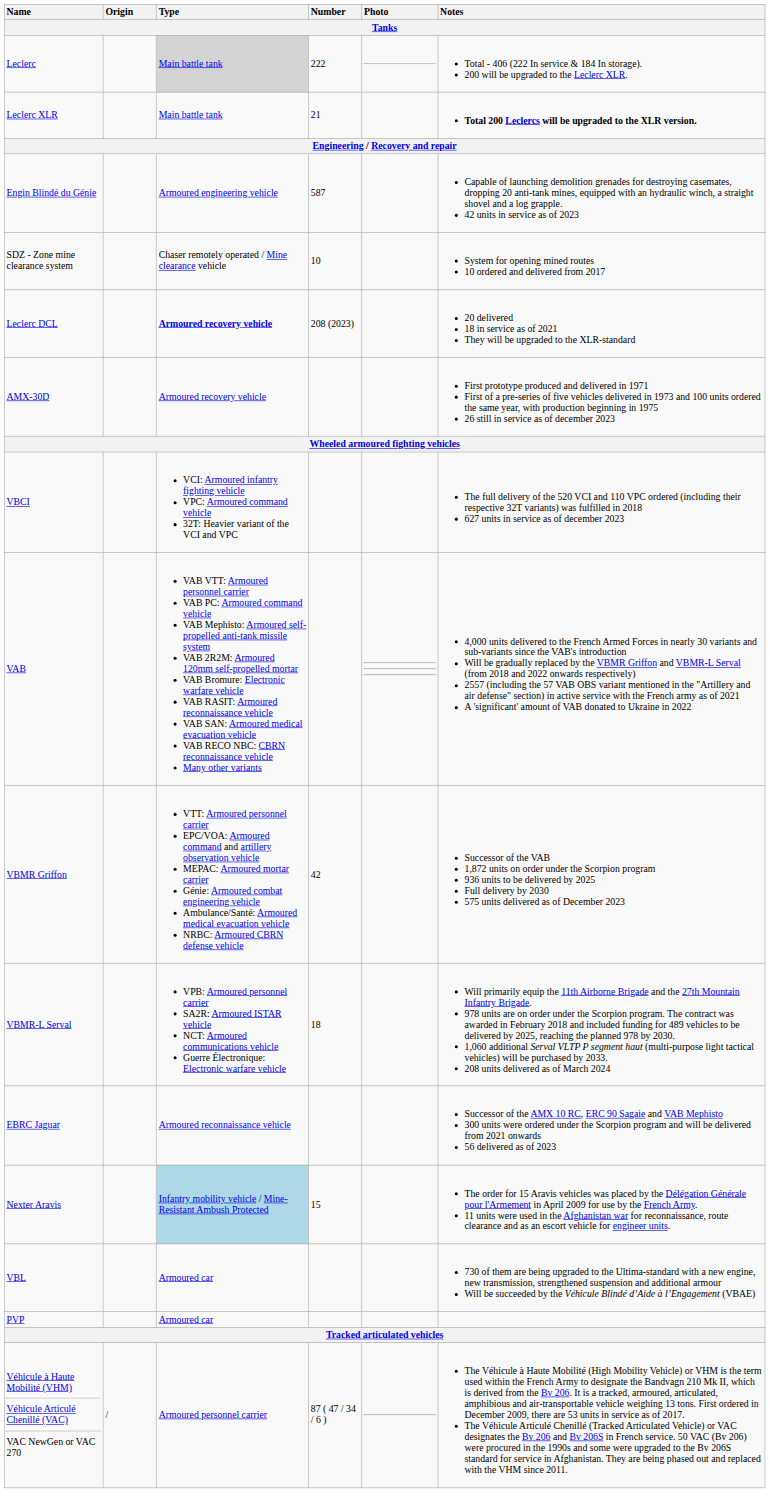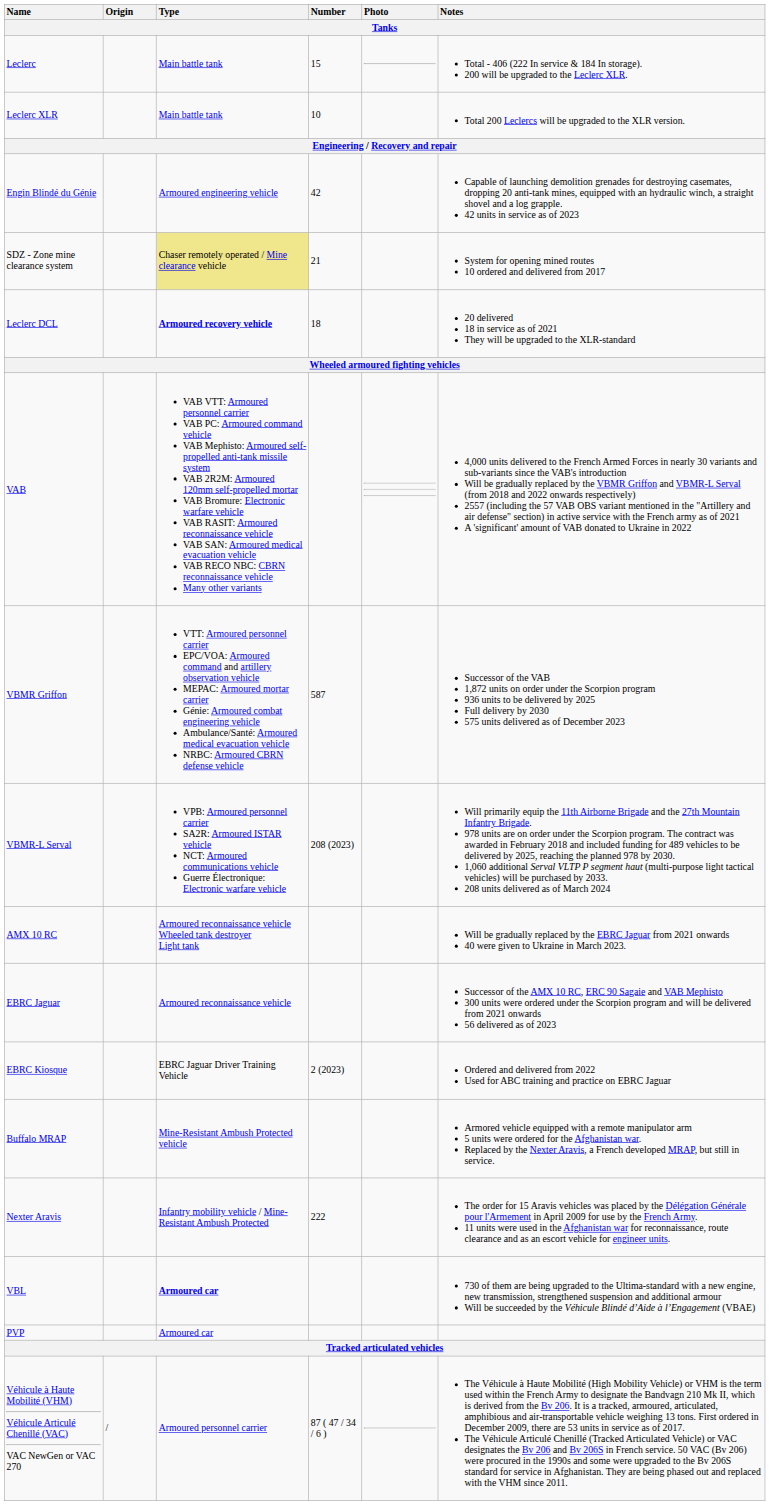 <table class="wikitable">
 <tr>
 <th style="text-align: left; width:13%;">Name</th>
 <th style="text-align: left; width:7%;">Origin</th>
 <th style="text-align: left; width:20%;">Type</th>
 <th style="text-align: left; width:7%;">Number</th>
 <th style="text-align: left; width:10%; ">Photo</th>
 <th style="text-align: left; width:43%;">Notes</th>
 </tr>
 <tr>
 <th colspan="6" style="align: center;"><a href='#'>Tanks</a></th>
 </tr>
 <tr>
 <td><a href='#'>Leclerc</a></td>
 <td></td>
-<td style="background: lightgrey;"><a href='#'>Main battle tank</a></td>
-<td>222</td>
+<td><a href='#'>Main battle tank</a></td>
+<td>15</td>
 <td><hr></td>
 <td><br><ul><li>Total - 406 (222 In service & 184 In storage).</li><li>200 will be upgraded to the <a href='#'>Leclerc XLR</a>.</li></ul></td>
 </tr>
 <tr>
 <td><a href='#'>Leclerc XLR</a></td>
 <td></td>
 <td><a href='#'>Main battle tank</a></td>
-<td>21</td>
+<td>10</td>
 <td></td>
-<td><strong><br><ul><li>Total 200 <a href='#'>Leclercs</a> will be upgraded to the XLR version.</li></ul></strong></td>
+<td><br><ul><li>Total 200 <a href='#'>Leclercs</a> will be upgraded to the XLR version.</li></ul></td>
 </tr>
 <tr>
 <th colspan="6" style="align: center;"><a href='#'>Engineering</a> / <a href='#'>Recovery and repair</a></th>
 </tr>
 <tr>
 <td><a href='#'>Engin Blindé du Génie</a></td>
 <td></td>
 <td><a href='#'>Armoured engineering vehicle</a></td>
-<td>587</td>
+<td>42</td>
 <td></td>
 <td><br><ul><li>Capable of launching demolition grenades for destroying casemates, dropping 20 anti-tank mines, equipped with an hydraulic winch, a straight shovel and a log grapple.</li><li>42 units in service as of 2023</li></ul></td>
 </tr>
 <tr>
 <td>SDZ - Zone mine clearance system</td>
 <td></td>
-<td>Chaser remotely operated / <a href='#'>Mine clearance</a> vehicle</td>
-<td>10</td>
+<td style="background: khaki;">Chaser remotely operated / <a href='#'>Mine clearance</a> vehicle</td>
+<td>21</td>
 <td></td>
 <td><br><ul><li>System for opening mined routes</li><li>10 ordered and delivered from 2017</li></ul></td>
 </tr>
 <tr>
 <td><a href='#'>Leclerc DCL</a></td>
 <td></td>
 <td><strong><a href='#'>Armoured recovery vehicle</a></strong></td>
-<td>208 (2023)</td>
+<td>18</td>
 <td></td>
 <td><br><ul><li>20 delivered</li><li>18 in service as of 2021</li><li>They will be upgraded to the XLR-standard</li></ul></td>
 </tr>
 <tr>
-<td><a href='#'>AMX-30D</a></td>
-<td></td>
-<td><a href='#'>Armoured recovery vehicle</a></td>
-<td></td>
-<td></td>
-<td><br><ul><li>First prototype produced and delivered in 1971</li><li>First of a pre-series of five vehicles delivered in 1973 and 100 units ordered the same year, with production beginning in 1975</li><li>26 still in service as of december 2023</li></ul></td>
-</tr>
-<tr>
 <th colspan="6" style="align: center;"><a href='#'>Wheeled armoured fighting vehicles</a></th>
-</tr>
-<tr>
-<td><a href='#'>VBCI</a></td>
-<td></td>
-<td><br><ul><li>VCI: <a href='#'>Armoured infantry fighting vehicle</a></li><li>VPC: <a href='#'>Armoured command vehicle</a></li><li>32T: Heavier variant of the VCI and VPC</li></ul></td>
-<td></td>
-<td></td>
-<td><br><ul><li>The full delivery of the 520 VCI and 110 VPC ordered (including their respective 32T variants) was fulfilled in 2018</li><li>627 units in service as of december 2023</li></ul></td>
 </tr>
 <tr>
 <td><a href='#'>VAB</a></td>
 <td></td>
 <td><br><ul><li>VAB VTT: <a href='#'>Armoured personnel carrier</a></li><li>VAB PC: <a href='#'>Armoured command vehicle</a></li><li>VAB Mephisto: <a href='#'>Armoured self-propelled anti-tank missile system</a></li><li>VAB 2R2M: <a href='#'>Armoured 120mm self-propelled mortar</a></li><li>VAB Bromure: <a href='#'>Electronic warfare vehicle</a></li><li>VAB RASIT: <a href='#'>Armoured reconnaissance vehicle</a></li><li>VAB SAN: <a href='#'>Armoured medical evacuation vehicle</a></li><li>VAB RECO NBC: <a href='#'>CBRN reconnaissance vehicle</a></li><li><a href='#'>Many other variants</a></li></ul></td>
 <td></td>
 <td><hr><hr><hr></td>
 <td><br><ul><li>4,000 units delivered to the French Armed Forces in nearly 30 variants and sub-variants since the VAB's introduction</li><li>Will be gradually replaced by the <a href='#'>VBMR Griffon</a> and <a href='#'>VBMR-L Serval</a> (from 2018 and 2022 onwards respectively)</li><li>2557 (including the 57 VAB OBS variant mentioned in the "Artillery and air defense" section) in active service with the French army as of 2021</li><li>A 'significant' amount of VAB donated to Ukraine in 2022</li></ul></td>
 </tr>
 <tr>
 <td><a href='#'>VBMR Griffon</a></td>
 <td></td>
 <td><br><ul><li>VTT: <a href='#'>Armoured personnel carrier</a></li><li>EPC/VOA: <a href='#'>Armoured command</a> and <a href='#'>artillery observation vehicle</a></li><li>MEPAC: <a href='#'>Armoured mortar carrier</a></li><li>Génie: <a href='#'>Armoured combat engineering vehicle</a></li><li>Ambulance/Santé: <a href='#'>Armoured medical evacuation vehicle</a></li><li>NRBC: <a href='#'>Armoured CBRN defense vehicle</a></li></ul></td>
-<td>42</td>
+<td>587</td>
 <td></td>
 <td><br><ul><li>Successor of the VAB</li><li>1,872 units on order under the Scorpion program</li><li>936 units to be delivered by 2025</li><li>Full delivery by 2030</li><li>575 units delivered as of December 2023</li></ul></td>
 </tr>
 <tr>
 <td><a href='#'>VBMR-L Serval</a></td>
 <td></td>
 <td><br><ul><li>VPB: <a href='#'>Armoured personnel carrier</a></li><li>SA2R: <a href='#'>Armoured ISTAR vehicle</a></li><li>NCT: <a href='#'>Armoured communications vehicle</a></li><li>Guerre Électronique: <a href='#'>Electronic warfare vehicle</a></li></ul></td>
-<td>18</td>
+<td>208 (2023)</td>
 <td></td>
 <td><br><ul><li>Will primarily equip the <a href='#'>11th Airborne Brigade</a> and the <a href='#'>27th Mountain Infantry Brigade</a>.</li><li>978 units are on order under the Scorpion program. The contract was awarded in February 2018 and included funding for 489 vehicles to be delivered by 2025, reaching the planned 978 by 2030.</li><li>1,060 additional <em>Serval VLTP P segment haut</em> (multi-purpose light tactical vehicles) will be purchased by 2033.</li><li>208 units delivered as of March 2024</li></ul></td>
+</tr>
+<tr>
+<td><a href='#'>AMX 10 RC</a></td>
+<td></td>
+<td><a href='#'>Armoured reconnaissance vehicle</a><br><a href='#'>Wheeled tank destroyer</a><br><a href='#'>Light tank</a></td>
+<td></td>
+<td></td>
+<td><br><ul><li>Will be gradually replaced by the <a href='#'>EBRC Jaguar</a> from 2021 onwards</li><li>40 were given to Ukraine in March 2023.</li></ul></td>
 </tr>
 <tr>
 <td><a href='#'>EBRC Jaguar</a></td>
 <td></td>
 <td><a href='#'>Armoured reconnaissance vehicle</a></td>
 <td></td>
 <td></td>
 <td><br><ul><li>Successor of the <a href='#'>AMX 10 RC</a>, <a href='#'>ERC 90 Sagaie</a> and <a href='#'>VAB Mephisto</a></li><li>300 units were ordered under the Scorpion program and will be delivered from 2021 onwards</li><li>56 delivered as of 2023</li></ul></td>
 </tr>
 <tr>
+<td><a href='#'>EBRC Kiosque</a></td>
+<td></td>
+<td>EBRC Jaguar Driver Training Vehicle</td>
+<td>2 (2023)</td>
+<td></td>
+<td><br><ul><li>Ordered and delivered from 2022</li><li>Used for ABC training and practice on EBRC Jaguar</li></ul></td>
+</tr>
+<tr>
+<td><a href='#'>Buffalo MRAP</a></td>
+<td></td>
+<td><a href='#'>Mine-Resistant Ambush Protected vehicle</a></td>
+<td></td>
+<td></td>
+<td><br><ul><li>Armored vehicle equipped with a remote manipulator arm</li><li>5 units were ordered for the <a href='#'>Afghanistan war</a>.</li><li>Replaced by the <a href='#'>Nexter Aravis</a>, a French developed <a href='#'>MRAP</a>, but still in service.</li></ul></td>
+</tr>
+<tr>
 <td><a href='#'>Nexter Aravis</a></td>
 <td><br></td>
-<td style="background: lightblue;"><a href='#'>Infantry mobility vehicle</a> / <a href='#'>Mine-Resistant Ambush Protected</a></td>
-<td>15</td>
+<td><a href='#'>Infantry mobility vehicle</a> / <a href='#'>Mine-Resistant Ambush Protected</a></td>
+<td>222</td>
 <td></td>
 <td><br><ul><li>The order for 15 Aravis vehicles was placed by the <a href='#'>Délégation Générale pour l'Armement</a> in April 2009 for use by the <a href='#'>French Army</a>.</li><li>11 units were used in the <a href='#'>Afghanistan war</a> for reconnaissance, route clearance and as an escort vehicle for <a href='#'>engineer units</a>.</li></ul></td>
 </tr>
 <tr>
 <td><a href='#'>VBL</a></td>
 <td></td>
-<td><a href='#'>Armoured car</a></td>
+<td><strong><a href='#'>Armoured car</a></strong></td>
 <td></td>
 <td></td>
 <td><br><ul><li>730 of them are being upgraded to the Ultima-standard with a new engine, new transmission, strengthened suspension and additional armour</li><li>Will be succeeded by the <em>Véhicule Blindé d’Aide à l’Engagement</em> (VBAE)</li></ul></td>
 </tr>
 <tr>
 <td><a href='#'>PVP</a></td>
 <td></td>
 <td><a href='#'>Armoured car</a></td>
 <td></td>
 <td></td>
 </tr>
 <tr>
 <th colspan="6" style="align: center;"><a href='#'>Tracked articulated vehicles</a></th>
 </tr>
 <tr>
 <td><a href='#'>Véhicule à Haute Mobilité (VHM)</a><hr><a href='#'>Véhicule Articulé Chenillé (VAC)</a><hr>VAC NewGen or VAC 270</td>
 <td> / </td>
 <td><a href='#'>Armoured personnel carrier</a></td>
 <td>87 ( 47 / 34 / 6 )</td>
 <td><hr></td>
 <td><br><ul><li>The Véhicule à Haute Mobilité (High Mobility Vehicle) or VHM is the term used within the French Army to designate the Bandvagn 210 Mk II, which is derived from the <a href='#'>Bv 206</a>. It is a tracked, armoured, articulated, amphibious and air-transportable vehicle weighing 13 tons. First ordered in December 2009, there are 53 units in service as of 2017.</li><li>The Véhicule Articulé Chenillé (Tracked Articulated Vehicle) or VAC designates the <a href='#'>Bv 206</a> and <a href='#'>Bv 206S</a> in French service. 50 VAC (Bv 206) were procured in the 1990s and some were upgraded to the Bv 206S standard for service in Afghanistan. They are being phased out and replaced with the VHM since 2011.</li></ul></td>
 </tr>
 </table>
